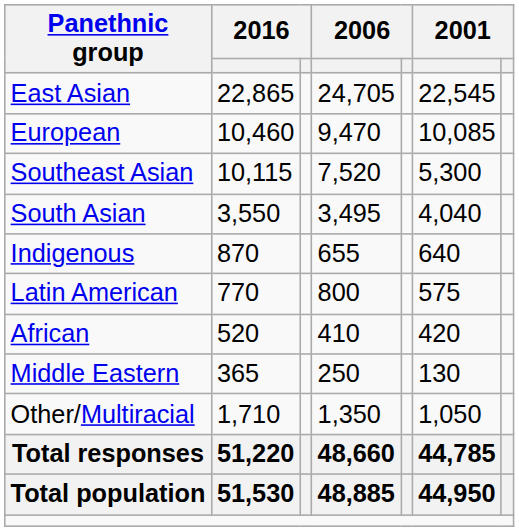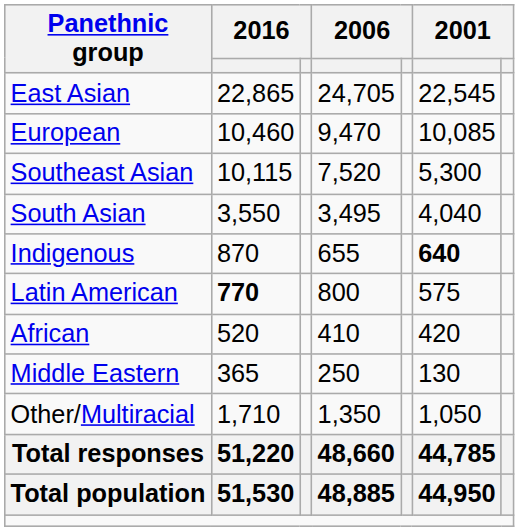 <table class="wikitable sortable">
 <tr>
 <th rowspan="2"><a href='#'>Panethnic</a><br>group</th>
 <th colspan="2">2016</th>
 <th colspan="2">2006</th>
 <th colspan="2">2001</th>
 </tr>
 <tr>
 <th><a href='#'></a></th>
 <th></th>
 <th></th>
 <th></th>
 <th></th>
 <th></th>
 </tr>
 <tr>
 <td><a href='#'>East Asian</a></td>
 <td>22,865</td>
 <td></td>
 <td>24,705</td>
 <td></td>
 <td>22,545</td>
 <td></td>
 </tr>
 <tr>
 <td><a href='#'>European</a></td>
 <td>10,460</td>
 <td></td>
 <td>9,470</td>
 <td></td>
 <td>10,085</td>
 <td></td>
 </tr>
 <tr>
 <td><a href='#'>Southeast Asian</a></td>
 <td>10,115</td>
 <td></td>
 <td>7,520</td>
 <td></td>
 <td>5,300</td>
 <td></td>
 </tr>
 <tr>
 <td><a href='#'>South Asian</a></td>
 <td>3,550</td>
 <td></td>
 <td>3,495</td>
 <td></td>
 <td>4,040</td>
 <td></td>
 </tr>
 <tr>
 <td><a href='#'>Indigenous</a></td>
 <td>870</td>
 <td></td>
 <td>655</td>
 <td></td>
-<td>640</td>
+<td><strong>640</strong></td>
 <td></td>
 </tr>
 <tr>
 <td><a href='#'>Latin American</a></td>
-<td>770</td>
+<td><strong>770</strong></td>
 <td></td>
 <td>800</td>
 <td></td>
 <td>575</td>
 <td></td>
 </tr>
 <tr>
 <td><a href='#'>African</a></td>
 <td>520</td>
 <td></td>
 <td>410</td>
 <td></td>
 <td>420</td>
 <td></td>
 </tr>
 <tr>
 <td><a href='#'>Middle Eastern</a></td>
 <td>365</td>
 <td></td>
 <td>250</td>
 <td></td>
 <td>130</td>
 <td></td>
 </tr>
 <tr>
 <td>Other/<a href='#'>Multiracial</a></td>
 <td>1,710</td>
 <td></td>
 <td>1,350</td>
 <td></td>
 <td>1,050</td>
 <td></td>
 </tr>
 <tr>
 <th>Total responses</th>
 <th>51,220</th>
 <th></th>
 <th>48,660</th>
 <th></th>
 <th>44,785</th>
 <th></th>
 </tr>
 <tr>
 <th>Total population</th>
 <th>51,530</th>
 <th></th>
 <th>48,885</th>
 <th></th>
 <th>44,950</th>
 <th></th>
 </tr>
 <tr class="sortbottom">
 <td colspan="10"></td>
 </tr>
 </table>
